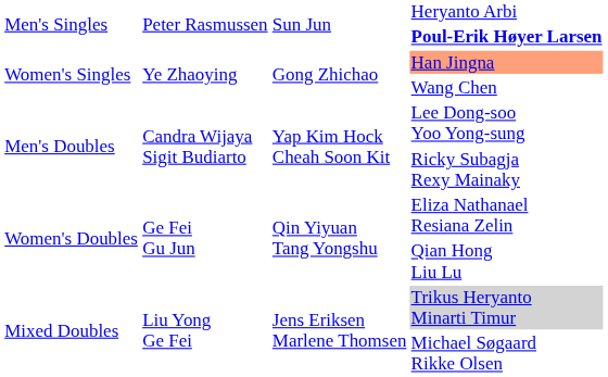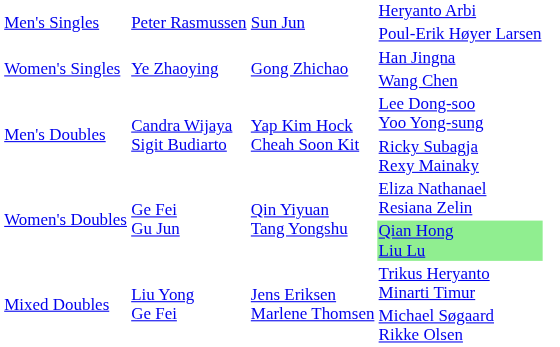 <table>
 <tr>
 <td rowspan=2><a href='#'>Men's Singles</a></td>
 <td rowspan=2> <a href='#'>Peter Rasmussen</a></td>
 <td rowspan=2> <a href='#'>Sun Jun</a></td>
 <td> <a href='#'>Heryanto Arbi</a></td>
 </tr>
 <tr>
-<td><strong> <a href='#'>Poul-Erik Høyer Larsen</a></strong></td>
+<td> <a href='#'>Poul-Erik Høyer Larsen</a></td>
 </tr>
 <tr>
 <td rowspan=2><a href='#'>Women's Singles</a></td>
 <td rowspan=2> <a href='#'>Ye Zhaoying</a></td>
 <td rowspan=2> <a href='#'>Gong Zhichao</a></td>
-<td style="background: lightsalmon;"> <a href='#'>Han Jingna</a></td>
+<td> <a href='#'>Han Jingna</a></td>
 </tr>
 <tr>
 <td> <a href='#'>Wang Chen</a></td>
 </tr>
 <tr>
 <td rowspan=2><a href='#'>Men's Doubles</a></td>
 <td rowspan=2> <a href='#'>Candra Wijaya</a><br> <a href='#'>Sigit Budiarto</a></td>
 <td rowspan=2> <a href='#'>Yap Kim Hock</a><br> <a href='#'>Cheah Soon Kit</a></td>
 <td> <a href='#'>Lee Dong-soo</a><br> <a href='#'>Yoo Yong-sung</a></td>
 </tr>
 <tr>
 <td> <a href='#'>Ricky Subagja</a><br> <a href='#'>Rexy Mainaky</a></td>
 </tr>
 <tr>
 <td rowspan=2><a href='#'>Women's Doubles</a></td>
 <td rowspan=2> <a href='#'>Ge Fei</a><br> <a href='#'>Gu Jun</a></td>
 <td rowspan=2> <a href='#'>Qin Yiyuan</a><br> <a href='#'>Tang Yongshu</a></td>
 <td> <a href='#'>Eliza Nathanael</a><br> <a href='#'>Resiana Zelin</a></td>
 </tr>
 <tr>
-<td> <a href='#'>Qian Hong</a><br> <a href='#'>Liu Lu</a></td>
+<td style="background: lightgreen;"> <a href='#'>Qian Hong</a><br> <a href='#'>Liu Lu</a></td>
 </tr>
 <tr>
 <td rowspan=2><a href='#'>Mixed Doubles</a></td>
 <td rowspan=2> <a href='#'>Liu Yong</a><br> <a href='#'>Ge Fei</a></td>
 <td rowspan=2> <a href='#'>Jens Eriksen</a><br> <a href='#'>Marlene Thomsen</a></td>
-<td style="background: lightgrey;"> <a href='#'>Trikus Heryanto</a><br> <a href='#'>Minarti Timur</a></td>
+<td> <a href='#'>Trikus Heryanto</a><br> <a href='#'>Minarti Timur</a></td>
 </tr>
 <tr>
 <td> <a href='#'>Michael Søgaard</a><br> <a href='#'>Rikke Olsen</a></td>
 </tr>
 </table>
